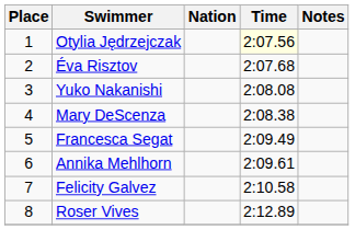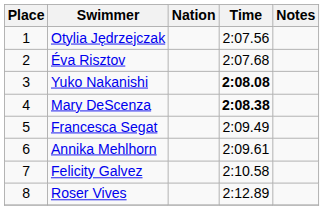 <table class="wikitable sortable" style="text-align:center">
 <tr>
 <th>Place</th>
 <th>Swimmer</th>
 <th>Nation</th>
 <th>Time</th>
 <th>Notes</th>
 </tr>
 <tr>
 <td>1</td>
 <td align=left><a href='#'>Otylia Jędrzejczak</a></td>
 <td align=left></td>
-<td style="background: lightyellow;">2:07.56</td>
+<td>2:07.56</td>
 <td></td>
 </tr>
 <tr>
 <td>2</td>
 <td align=left><a href='#'>Éva Risztov</a></td>
 <td align=left></td>
 <td>2:07.68</td>
 <td></td>
 </tr>
 <tr>
 <td>3</td>
 <td align=left><a href='#'>Yuko Nakanishi</a></td>
 <td align=left></td>
-<td>2:08.08</td>
+<td><strong>2:08.08</strong></td>
 <td></td>
 </tr>
 <tr>
 <td>4</td>
 <td align=left><a href='#'>Mary DeScenza</a></td>
 <td align=left></td>
-<td>2:08.38</td>
+<td><strong>2:08.38</strong></td>
 <td></td>
 </tr>
 <tr>
 <td>5</td>
 <td align=left><a href='#'>Francesca Segat</a></td>
 <td align=left></td>
 <td>2:09.49</td>
 <td></td>
 </tr>
 <tr>
 <td>6</td>
 <td align=left><a href='#'>Annika Mehlhorn</a></td>
 <td align=left></td>
 <td>2:09.61</td>
 <td></td>
 </tr>
 <tr>
 <td>7</td>
 <td align=left><a href='#'>Felicity Galvez</a></td>
 <td align=left></td>
 <td>2:10.58</td>
 <td></td>
 </tr>
 <tr>
 <td>8</td>
 <td align=left><a href='#'>Roser Vives</a></td>
 <td align=left></td>
 <td>2:12.89</td>
 <td></td>
 </tr>
 <tr>
 </tr>
 </table>
